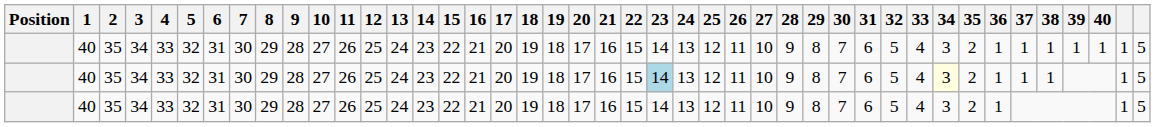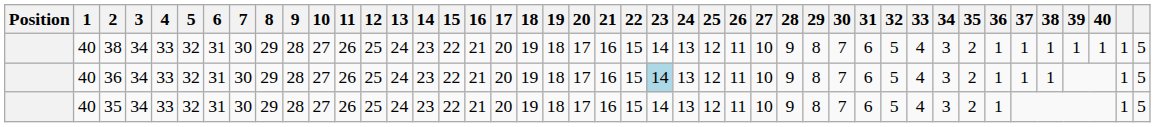 <table class="wikitable" style="font-size: 85%; text-align:center">
 <tr valign="top">
 <th>Position</th>
 <th>1</th>
 <th>2</th>
 <th>3</th>
 <th>4</th>
 <th>5</th>
 <th>6</th>
 <th>7</th>
 <th>8</th>
 <th>9</th>
 <th>10</th>
 <th>11</th>
 <th>12</th>
 <th>13</th>
 <th>14</th>
 <th>15</th>
 <th>16</th>
 <th>17</th>
 <th>18</th>
 <th>19</th>
 <th>20</th>
 <th>21</th>
 <th>22</th>
 <th>23</th>
 <th>24</th>
 <th>25</th>
 <th>26</th>
 <th>27</th>
 <th>28</th>
 <th>29</th>
 <th>30</th>
 <th>31</th>
 <th>32</th>
 <th>33</th>
 <th>34</th>
 <th>35</th>
 <th>36</th>
 <th>37</th>
 <th>38</th>
 <th>39</th>
 <th>40</th>
 <th></th>
 <th></th>
 </tr>
 <tr>
 <th></th>
 <td>40</td>
-<td>35</td>
+<td>38</td>
 <td>34</td>
 <td>33</td>
 <td>32</td>
 <td>31</td>
 <td>30</td>
 <td>29</td>
 <td>28</td>
 <td>27</td>
 <td>26</td>
 <td>25</td>
 <td>24</td>
 <td>23</td>
 <td>22</td>
 <td>21</td>
 <td>20</td>
 <td>19</td>
 <td>18</td>
 <td>17</td>
 <td>16</td>
 <td>15</td>
 <td>14</td>
 <td>13</td>
 <td>12</td>
 <td>11</td>
 <td>10</td>
 <td>9</td>
 <td>8</td>
 <td>7</td>
 <td>6</td>
 <td>5</td>
 <td>4</td>
 <td>3</td>
 <td>2</td>
 <td>1</td>
 <td>1</td>
 <td>1</td>
 <td>1</td>
 <td>1</td>
 <td>1</td>
 <td>5</td>
 </tr>
 <tr>
 <th></th>
 <td>40</td>
-<td>35</td>
+<td>36</td>
 <td>34</td>
 <td>33</td>
 <td>32</td>
 <td>31</td>
 <td>30</td>
 <td>29</td>
 <td>28</td>
 <td>27</td>
 <td>26</td>
 <td>25</td>
 <td>24</td>
 <td>23</td>
 <td>22</td>
 <td>21</td>
 <td>20</td>
 <td>19</td>
 <td>18</td>
 <td>17</td>
 <td>16</td>
 <td>15</td>
 <td style="background: lightblue;">14</td>
 <td>13</td>
 <td>12</td>
 <td>11</td>
 <td>10</td>
 <td>9</td>
 <td>8</td>
 <td>7</td>
 <td>6</td>
 <td>5</td>
 <td>4</td>
-<td style="background: lightyellow;">3</td>
+<td>3</td>
 <td>2</td>
 <td>1</td>
 <td>1</td>
 <td>1</td>
 <td colspan=2></td>
 <td>1</td>
 <td>5</td>
 </tr>
 <tr>
 <th></th>
 <td>40</td>
 <td>35</td>
 <td>34</td>
 <td>33</td>
 <td>32</td>
 <td>31</td>
 <td>30</td>
 <td>29</td>
 <td>28</td>
 <td>27</td>
 <td>26</td>
 <td>25</td>
 <td>24</td>
 <td>23</td>
 <td>22</td>
 <td>21</td>
 <td>20</td>
 <td>19</td>
 <td>18</td>
 <td>17</td>
 <td>16</td>
 <td>15</td>
 <td>14</td>
 <td>13</td>
 <td>12</td>
 <td>11</td>
 <td>10</td>
 <td>9</td>
 <td>8</td>
 <td>7</td>
 <td>6</td>
 <td>5</td>
 <td>4</td>
 <td>3</td>
 <td>2</td>
 <td>1</td>
 <td colspan=4></td>
 <td>1</td>
 <td>5</td>
 </tr>
 </table>
